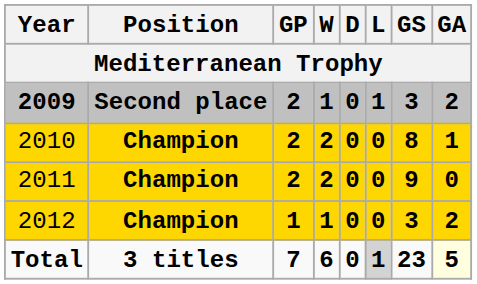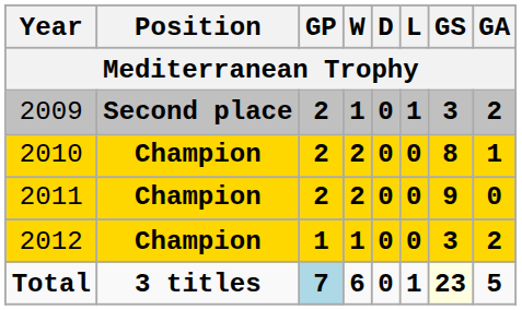 <table class="wikitable" style="text-align: center;">
 <tr>
 <th>Year</th>
 <th>Position</th>
 <th>GP</th>
 <th>W</th>
 <th>D</th>
 <th>L</th>
 <th>GS</th>
 <th>GA</th>
 </tr>
 <tr>
 <th colspan=8>Mediterranean Trophy</th>
 </tr>
 <tr style="background:silver;">
-<td><strong>2009</strong></td>
+<td>2009</td>
 <td><strong>Second place</strong></td>
 <td><strong>2</strong></td>
 <td><strong>1</strong></td>
 <td><strong>0</strong></td>
 <td><strong>1</strong></td>
 <td><strong>3</strong></td>
 <td><strong>2</strong></td>
 </tr>
 <tr style="background:gold;">
 <td>2010</td>
 <td><strong>Champion</strong></td>
 <td><strong>2</strong></td>
 <td><strong>2</strong></td>
 <td><strong>0</strong></td>
 <td><strong>0</strong></td>
 <td><strong>8</strong></td>
 <td><strong>1</strong></td>
 </tr>
 <tr style="background:gold;">
 <td>2011</td>
 <td><strong>Champion</strong></td>
 <td><strong>2</strong></td>
 <td><strong>2</strong></td>
 <td><strong>0</strong></td>
 <td><strong>0</strong></td>
 <td><strong>9</strong></td>
 <td><strong>0</strong></td>
 </tr>
 <tr style="background:gold;">
 <td>2012</td>
 <td><strong>Champion</strong></td>
 <td><strong>1</strong></td>
 <td><strong>1</strong></td>
 <td><strong>0</strong></td>
 <td><strong>0</strong></td>
 <td><strong>3</strong></td>
 <td><strong>2</strong></td>
 </tr>
 <tr>
 <td><strong>Total</strong></td>
 <td><strong>3 titles</strong></td>
-<td><strong>7</strong></td>
+<td style="background: lightblue;"><strong>7</strong></td>
 <td><strong>6</strong></td>
 <td><strong>0</strong></td>
-<td style="background: lightgrey;"><strong>1</strong></td>
-<td><strong>23</strong></td>
-<td style="background: lightyellow;"><strong>5</strong></td>
+<td><strong>1</strong></td>
+<td style="background: lightyellow;"><strong>23</strong></td>
+<td><strong>5</strong></td>
 </tr>
 </table>
